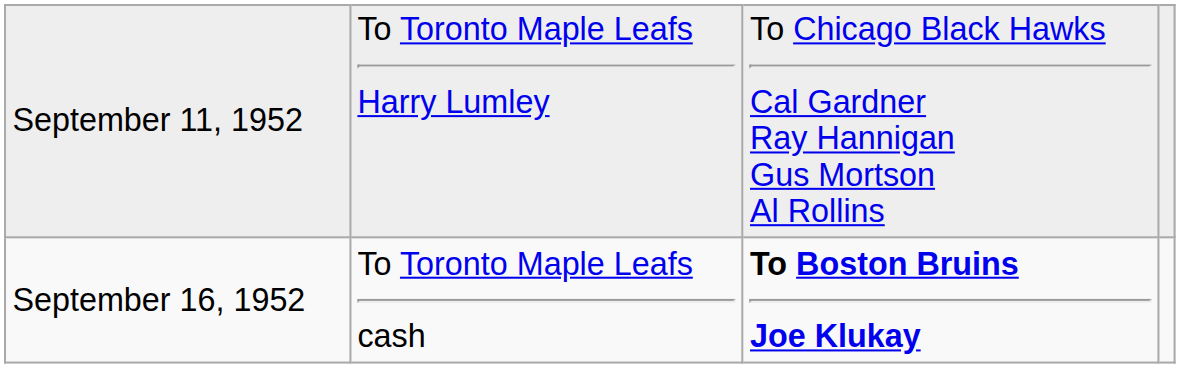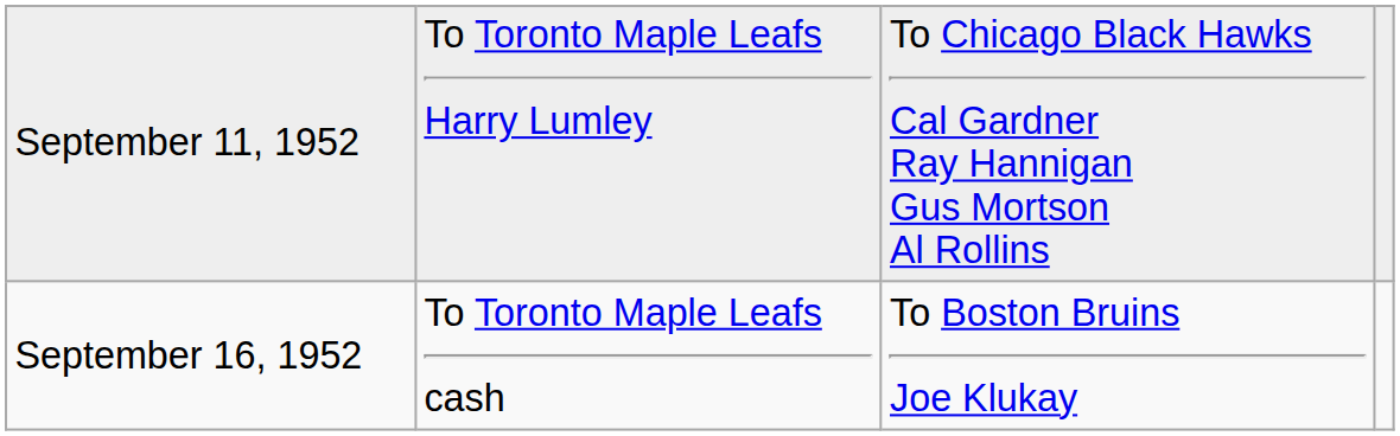 <table class="wikitable" style="border:1px solid #999999; width:580px;">
 <tr bgcolor="eeeeee">
 <td>September 11, 1952</td>
 <td valign="top">To <a href='#'>Toronto Maple Leafs</a><hr><a href='#'>Harry Lumley</a></td>
 <td valign="top">To <a href='#'>Chicago Black Hawks</a><hr><a href='#'>Cal Gardner</a><br><a href='#'>Ray Hannigan</a><br><a href='#'>Gus Mortson</a><br><a href='#'>Al Rollins</a></td>
 <td></td>
 </tr>
 <tr>
 <td>September 16, 1952</td>
 <td valign="top">To <a href='#'>Toronto Maple Leafs</a><hr>cash</td>
-<td valign="top"><strong>To <a href='#'>Boston Bruins</a><hr><a href='#'>Joe Klukay</a></strong></td>
+<td valign="top">To <a href='#'>Boston Bruins</a><hr><a href='#'>Joe Klukay</a></td>
 <td></td>
 </tr>
 </table>
